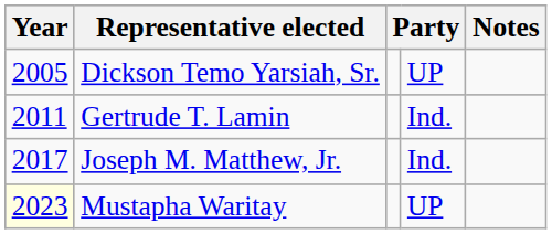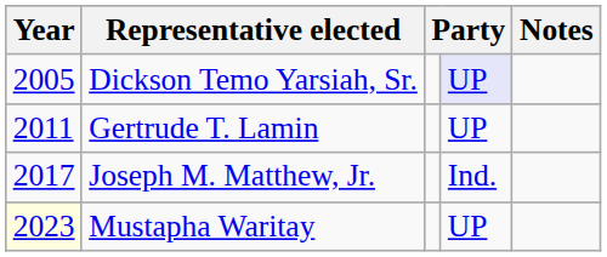 <table class="wikitable">
 <tr>
 <th>Year</th>
 <th>Representative elected</th>
 <th colspan=2>Party</th>
 <th>Notes</th>
 </tr>
 <tr>
 <td><a href='#'>2005</a></td>
 <td><a href='#'>Dickson Temo Yarsiah, Sr.</a></td>
 <td></td>
-<td><a href='#'>UP</a></td>
+<td style="background: lavender;"><a href='#'>UP</a></td>
 <td></td>
 </tr>
 <tr>
 <td><a href='#'>2011</a></td>
 <td><a href='#'>Gertrude T. Lamin</a></td>
 <td></td>
-<td><a href='#'>Ind.</a></td>
+<td><a href='#'>UP</a></td>
 <td></td>
 </tr>
 <tr>
 <td><a href='#'>2017</a></td>
 <td><a href='#'>Joseph M. Matthew, Jr.</a></td>
 <td></td>
 <td><a href='#'>Ind.</a></td>
 <td></td>
 </tr>
 <tr>
 <td style="background: lightyellow;"><a href='#'>2023</a></td>
 <td><a href='#'>Mustapha Waritay</a></td>
 <td></td>
 <td><a href='#'>UP</a></td>
 <td></td>
 </tr>
 </table>
